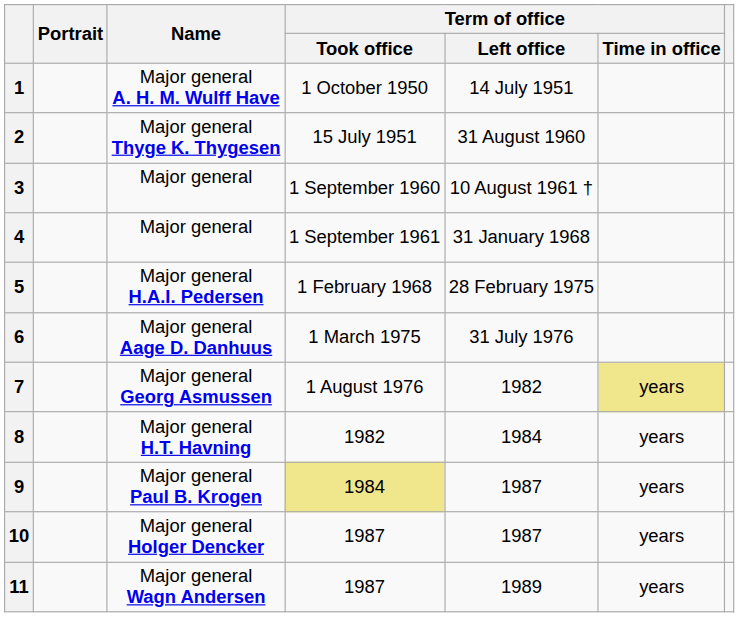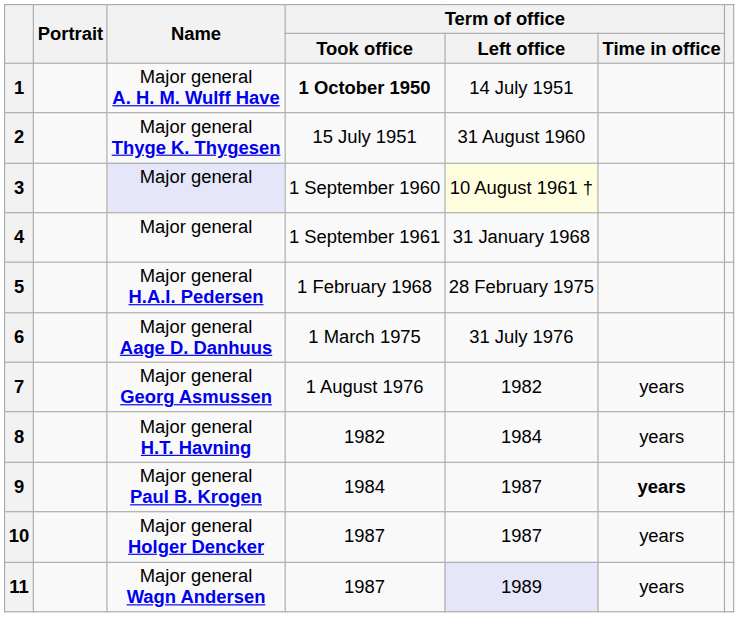 <table class="wikitable" style="text-align:center">
 <tr>
 <th rowspan=2></th>
 <th rowspan=2>Portrait</th>
 <th rowspan=2>Name<br></th>
 <th colspan=3>Term of office</th>
 <th rowspan=2></th>
 </tr>
 <tr>
 <th>Took office</th>
 <th>Left office</th>
 <th>Time in office</th>
 </tr>
 <tr>
 <th>1</th>
 <td></td>
 <td>Major general<br><strong><a href='#'>A. H. M. Wulff Have</a></strong><br></td>
-<td>1 October 1950</td>
+<td><strong>1 October 1950</strong></td>
 <td>14 July 1951</td>
 <td></td>
 <td></td>
 </tr>
 <tr>
 <th>2</th>
 <td></td>
 <td>Major general<br><strong><a href='#'>Thyge K. Thygesen</a></strong></td>
 <td>15 July 1951</td>
 <td>31 August 1960</td>
 <td></td>
 <td></td>
 </tr>
 <tr>
 <th>3</th>
 <td></td>
-<td>Major general<br><strong></strong><br></td>
+<td style="background: lavender;">Major general<br><strong></strong><br></td>
 <td>1 September 1960</td>
-<td>10 August 1961 †</td>
+<td style="background: lightyellow;">10 August 1961 †</td>
 <td></td>
 <td></td>
 </tr>
 <tr>
 <th>4</th>
 <td></td>
 <td>Major general<br><strong></strong><br></td>
 <td>1 September 1961</td>
 <td>31 January 1968</td>
 <td></td>
 <td></td>
 </tr>
 <tr>
 <th>5</th>
 <td></td>
 <td>Major general<br><strong><a href='#'>H.A.I. Pedersen</a></strong></td>
 <td>1 February 1968</td>
 <td>28 February 1975</td>
 <td></td>
 <td></td>
 </tr>
 <tr>
 <th>6</th>
 <td></td>
 <td>Major general<br><strong><a href='#'>Aage D. Danhuus</a></strong><br></td>
 <td>1 March 1975</td>
 <td>31 July 1976</td>
 <td></td>
 <td></td>
 </tr>
 <tr>
 <th>7</th>
 <td></td>
 <td>Major general<br><strong><a href='#'>Georg Asmussen</a></strong><br></td>
 <td>1 August 1976</td>
 <td>1982</td>
-<td style="background: khaki;"> years</td>
+<td> years</td>
 <td></td>
 </tr>
 <tr>
 <th>8</th>
 <td></td>
 <td>Major general<br><strong><a href='#'>H.T. Havning</a></strong><br></td>
 <td>1982</td>
 <td>1984</td>
 <td> years</td>
 <td></td>
 </tr>
 <tr>
 <th>9</th>
 <td></td>
 <td>Major general<br><strong><a href='#'>Paul B. Krogen</a></strong><br></td>
-<td style="background: khaki;">1984</td>
+<td>1984</td>
 <td>1987</td>
-<td> years</td>
+<td><strong> years</strong></td>
 <td></td>
 </tr>
 <tr>
 <th>10</th>
 <td></td>
 <td>Major general<br><strong><a href='#'>Holger Dencker</a></strong></td>
 <td>1987</td>
 <td>1987</td>
 <td> years</td>
 <td></td>
 </tr>
 <tr>
 <th>11</th>
 <td></td>
 <td>Major general<br><strong><a href='#'>Wagn Andersen</a></strong><br></td>
 <td>1987</td>
-<td>1989</td>
+<td style="background: lavender;">1989</td>
 <td> years</td>
 <td></td>
 </tr>
 </table>
